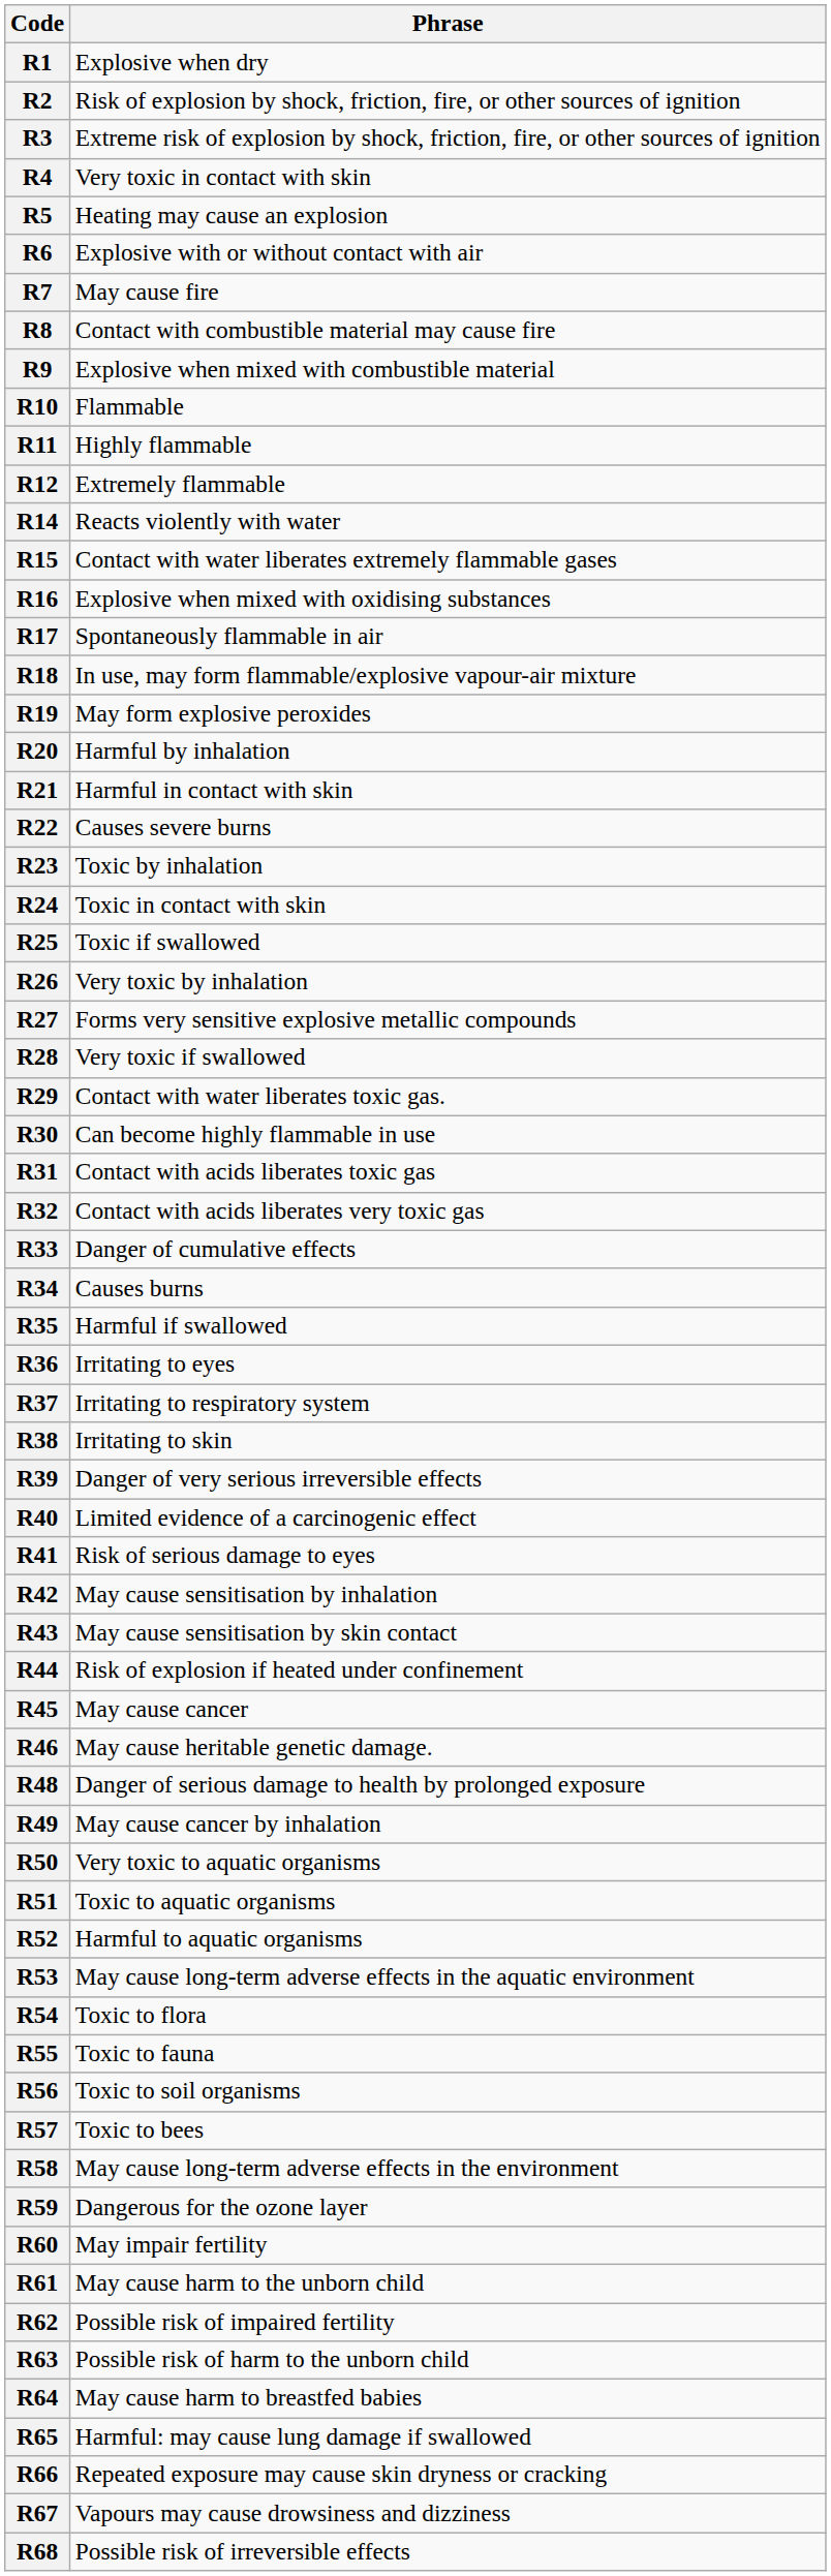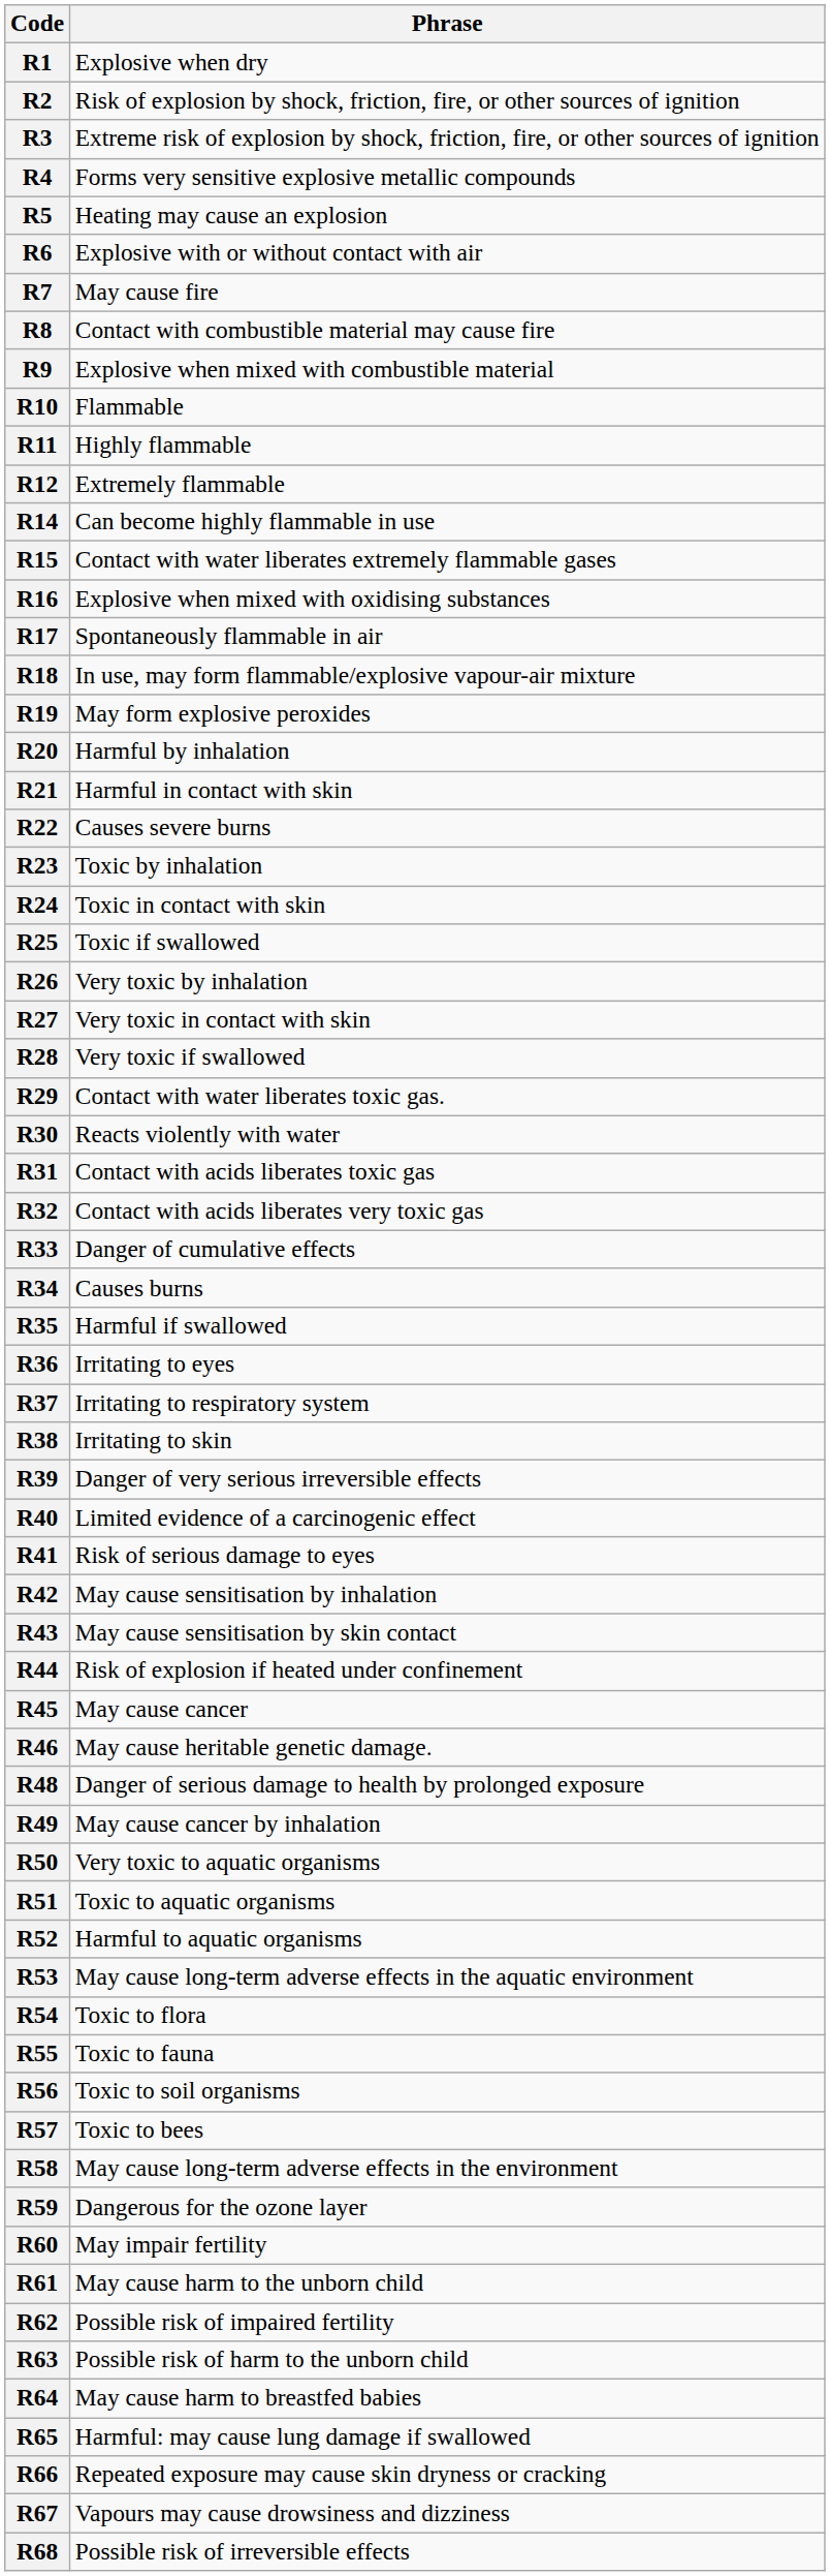 <table class="wikitable">
 <tr>
 <th scope="col">Code</th>
 <th scope="col">Phrase</th>
 </tr>
 <tr>
 <th scope="row" id="R1">R1</th>
 <td>Explosive when dry</td>
 </tr>
 <tr>
 <th scope="row" id="R2">R2</th>
 <td>Risk of explosion by shock, friction, fire, or other sources of ignition</td>
 </tr>
 <tr>
 <th scope="row" id="R3">R3</th>
 <td>Extreme risk of explosion by shock, friction, fire, or other sources of ignition</td>
 </tr>
 <tr>
 <th scope="row" id="R4">R4</th>
-<td>Very toxic in contact with skin</td>
+<td>Forms very sensitive explosive metallic compounds</td>
 </tr>
 <tr>
 <th scope="row" id="R5">R5</th>
 <td>Heating may cause an explosion</td>
 </tr>
 <tr>
 <th scope="row" id="R6">R6</th>
 <td>Explosive with or without contact with air</td>
 </tr>
 <tr>
 <th scope="row" id="R7">R7</th>
 <td>May cause fire</td>
 </tr>
 <tr>
 <th scope="row" id="R8">R8</th>
 <td>Contact with combustible material may cause fire</td>
 </tr>
 <tr>
 <th scope="row" id="R9">R9</th>
 <td>Explosive when mixed with combustible material</td>
 </tr>
 <tr>
 <th scope="row" id="R10">R10</th>
 <td>Flammable</td>
 </tr>
 <tr>
 <th scope="row" id="R11">R11</th>
 <td>Highly flammable</td>
 </tr>
 <tr>
 <th scope="row" id="R12">R12</th>
 <td>Extremely flammable</td>
 </tr>
 <tr>
 <th scope="row" id="R14">R14</th>
-<td>Reacts violently with water</td>
+<td>Can become highly flammable in use</td>
 </tr>
 <tr>
 <th scope="row" id="R15">R15</th>
 <td>Contact with water liberates extremely flammable gases</td>
 </tr>
 <tr>
 <th scope="row" id="R16">R16</th>
 <td>Explosive when mixed with oxidising substances</td>
 </tr>
 <tr>
 <th scope="row" id="R17">R17</th>
 <td>Spontaneously flammable in air</td>
 </tr>
 <tr>
 <th scope="row" id="R18">R18</th>
 <td>In use, may form flammable/explosive vapour-air mixture</td>
 </tr>
 <tr>
 <th scope="row" id="R19">R19</th>
 <td>May form explosive peroxides</td>
 </tr>
 <tr>
 <th scope="row" id="R20">R20</th>
 <td>Harmful by inhalation</td>
 </tr>
 <tr>
 <th scope="row" id="R21">R21</th>
 <td>Harmful in contact with skin</td>
 </tr>
 <tr>
 <th scope="row" id="R22">R22</th>
 <td>Causes severe burns</td>
 </tr>
 <tr>
 <th scope="row" id="R23">R23</th>
 <td>Toxic by inhalation</td>
 </tr>
 <tr>
 <th scope="row" id="R24">R24</th>
 <td>Toxic in contact with skin</td>
 </tr>
 <tr>
 <th scope="row" id="R25">R25</th>
 <td>Toxic if swallowed</td>
 </tr>
 <tr>
 <th scope="row" id="R26">R26</th>
 <td>Very toxic by inhalation</td>
 </tr>
 <tr>
 <th scope="row" id="R27">R27</th>
-<td>Forms very sensitive explosive metallic compounds</td>
+<td>Very toxic in contact with skin</td>
 </tr>
 <tr>
 <th scope="row" id="R28">R28</th>
 <td>Very toxic if swallowed</td>
 </tr>
 <tr>
 <th scope="row" id="R29">R29</th>
 <td>Contact with water liberates toxic gas.</td>
 </tr>
 <tr>
 <th scope="row" id="R30">R30</th>
-<td>Can become highly flammable in use</td>
+<td>Reacts violently with water</td>
 </tr>
 <tr>
 <th scope="row" id="R31">R31</th>
 <td>Contact with acids liberates toxic gas</td>
 </tr>
 <tr>
 <th scope="row" id="R32">R32</th>
 <td>Contact with acids liberates very toxic gas</td>
 </tr>
 <tr>
 <th scope="row" id="R33">R33</th>
 <td>Danger of cumulative effects</td>
 </tr>
 <tr>
 <th scope="row" id="R34">R34</th>
 <td>Causes burns</td>
 </tr>
 <tr>
 <th scope="row" id="R35">R35</th>
 <td>Harmful if swallowed</td>
 </tr>
 <tr>
 <th scope="row" id="R36">R36</th>
 <td>Irritating to eyes</td>
 </tr>
 <tr>
 <th scope="row" id="R37">R37</th>
 <td>Irritating to respiratory system</td>
 </tr>
 <tr>
 <th scope="row" id="R38">R38</th>
 <td>Irritating to skin</td>
 </tr>
 <tr>
 <th scope="row" id="R39">R39</th>
 <td>Danger of very serious irreversible effects</td>
 </tr>
 <tr>
 <th scope="row" id="R40">R40</th>
 <td>Limited evidence of a carcinogenic effect</td>
 </tr>
 <tr>
 <th scope="row" id="R41">R41</th>
 <td>Risk of serious damage to eyes</td>
 </tr>
 <tr>
 <th scope="row" id="R42">R42</th>
 <td>May cause sensitisation by inhalation</td>
 </tr>
 <tr>
 <th scope="row" id="R43">R43</th>
 <td>May cause sensitisation by skin contact</td>
 </tr>
 <tr>
 <th scope="row" id="R44">R44</th>
 <td>Risk of explosion if heated under confinement</td>
 </tr>
 <tr>
 <th scope="row" id="R45">R45</th>
 <td>May cause cancer</td>
 </tr>
 <tr>
 <th scope="row" id="R46">R46</th>
 <td>May cause heritable genetic damage.</td>
 </tr>
 <tr>
 <th scope="row" id="R48">R48</th>
 <td>Danger of serious damage to health by prolonged exposure</td>
 </tr>
 <tr>
 <th scope="row" id="R49">R49</th>
 <td>May cause cancer by inhalation</td>
 </tr>
 <tr>
 <th scope="row" id="R50">R50</th>
 <td>Very toxic to aquatic organisms</td>
 </tr>
 <tr>
 <th scope="row" id="R51">R51</th>
 <td>Toxic to aquatic organisms</td>
 </tr>
 <tr>
 <th scope="row" id="R52">R52</th>
 <td>Harmful to aquatic organisms</td>
 </tr>
 <tr>
 <th scope="row" id="R53">R53</th>
 <td>May cause long-term adverse effects in the aquatic environment</td>
 </tr>
 <tr>
 <th scope="row" id="R54">R54</th>
 <td>Toxic to flora</td>
 </tr>
 <tr>
 <th scope="row" id="R55">R55</th>
 <td>Toxic to fauna</td>
 </tr>
 <tr>
 <th scope="row" id="R56">R56</th>
 <td>Toxic to soil organisms</td>
 </tr>
 <tr>
 <th scope="row" id="R57">R57</th>
 <td>Toxic to bees</td>
 </tr>
 <tr>
 <th scope="row" id="R58">R58</th>
 <td>May cause long-term adverse effects in the environment</td>
 </tr>
 <tr>
 <th scope="row" id="R59">R59</th>
 <td>Dangerous for the ozone layer</td>
 </tr>
 <tr>
 <th scope="row" id="R60">R60</th>
 <td>May impair fertility</td>
 </tr>
 <tr>
 <th scope="row" id="R61">R61</th>
 <td>May cause harm to the unborn child</td>
 </tr>
 <tr>
 <th scope="row" id="R62">R62</th>
 <td>Possible risk of impaired fertility</td>
 </tr>
 <tr>
 <th scope="row" id="R63">R63</th>
 <td>Possible risk of harm to the unborn child</td>
 </tr>
 <tr>
 <th scope="row" id="R64">R64</th>
 <td>May cause harm to breastfed babies</td>
 </tr>
 <tr>
 <th scope="row" id="R65">R65</th>
 <td>Harmful: may cause lung damage if swallowed</td>
 </tr>
 <tr>
 <th scope="row" id="R66">R66</th>
 <td>Repeated exposure may cause skin dryness or cracking</td>
 </tr>
 <tr>
 <th scope="row" id="R67">R67</th>
 <td>Vapours may cause drowsiness and dizziness</td>
 </tr>
 <tr>
 <th scope="row" id="R68">R68</th>
 <td>Possible risk of irreversible effects</td>
 </tr>
 </table>
